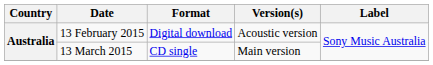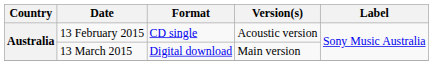 <table class="wikitable plainrowheaders">
 <tr>
 <th scope="col">Country</th>
 <th scope="col">Date</th>
 <th scope="col">Format</th>
 <th scope="col">Version(s)</th>
 <th scope="col">Label</th>
 </tr>
 <tr>
 <th scope="row" rowspan="2">Australia</th>
 <td>13 February 2015</td>
-<td><a href='#'>Digital download</a></td>
+<td><a href='#'>CD single</a></td>
 <td>Acoustic version</td>
 <td rowspan="2"><a href='#'>Sony Music Australia</a></td>
 </tr>
 <tr>
 <td>13 March 2015</td>
-<td><a href='#'>CD single</a></td>
+<td><a href='#'>Digital download</a></td>
 <td>Main version</td>
 </tr>
 <tr>
 </tr>
 </table>
